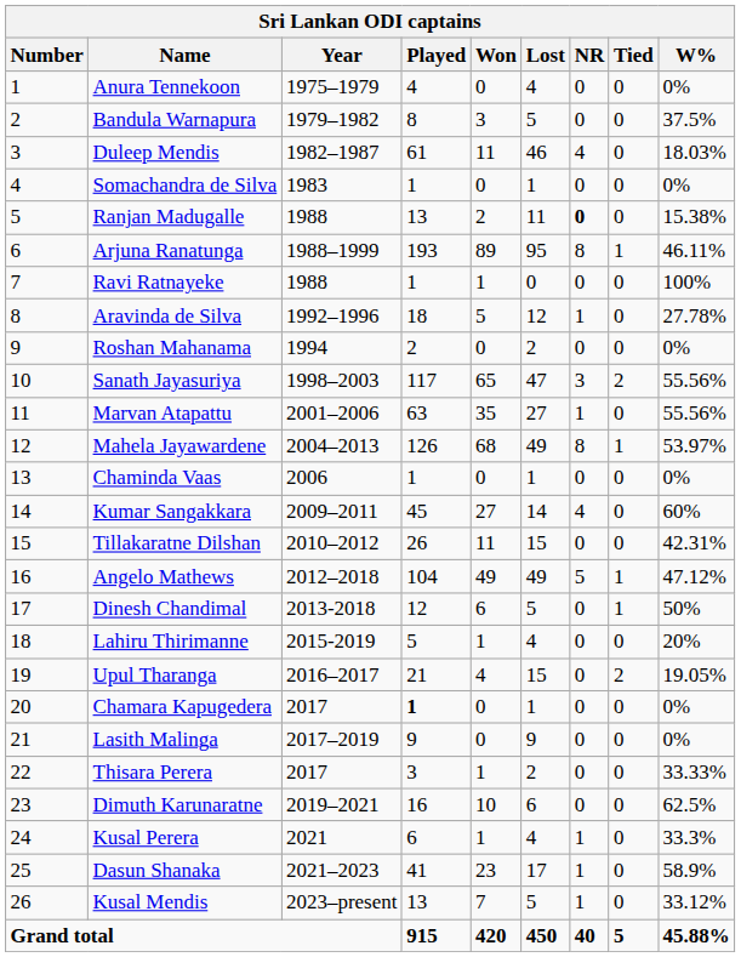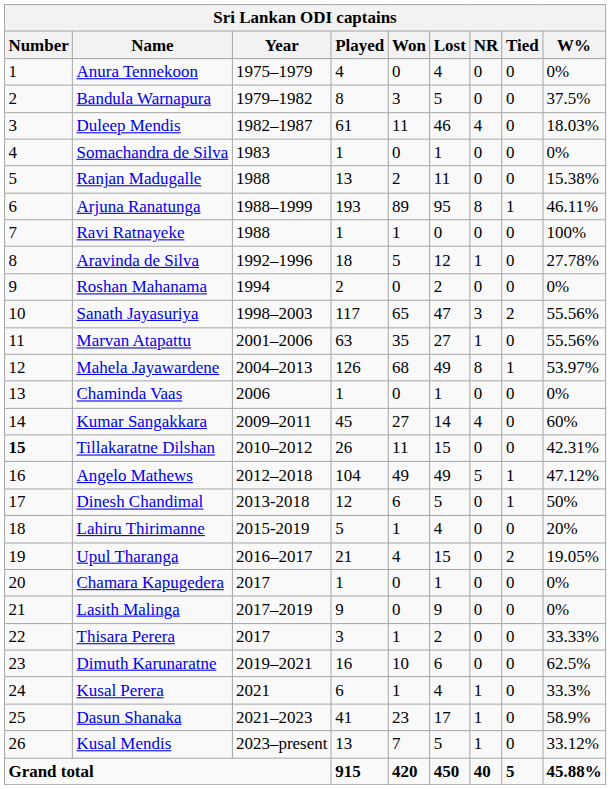 <table class="wikitable">
 <tr>
 <th colspan="9" bgcolor="#efefef">Sri Lankan ODI captains</th>
 </tr>
 <tr bgcolor="#efefef">
 <th>Number</th>
 <th>Name</th>
 <th>Year</th>
 <th>Played</th>
 <th>Won</th>
 <th>Lost</th>
 <th>NR</th>
 <th>Tied</th>
 <th>W%</th>
 </tr>
 <tr>
 <td>1</td>
 <td><a href='#'>Anura Tennekoon</a></td>
 <td>1975–1979</td>
 <td>4</td>
 <td>0</td>
 <td>4</td>
 <td>0</td>
 <td>0</td>
 <td>0%</td>
 </tr>
 <tr>
 <td>2</td>
 <td><a href='#'>Bandula Warnapura</a></td>
 <td>1979–1982</td>
 <td>8</td>
 <td>3</td>
 <td>5</td>
 <td>0</td>
 <td>0</td>
 <td>37.5%</td>
 </tr>
 <tr>
 <td>3</td>
 <td><a href='#'>Duleep Mendis</a></td>
 <td>1982–1987</td>
 <td>61</td>
 <td>11</td>
 <td>46</td>
 <td>4</td>
 <td>0</td>
 <td>18.03%</td>
 </tr>
 <tr>
 <td>4</td>
 <td><a href='#'>Somachandra de Silva</a></td>
 <td>1983</td>
 <td>1</td>
 <td>0</td>
 <td>1</td>
 <td>0</td>
 <td>0</td>
 <td>0%</td>
 </tr>
 <tr>
 <td>5</td>
 <td><a href='#'>Ranjan Madugalle</a></td>
 <td>1988</td>
 <td>13</td>
 <td>2</td>
 <td>11</td>
-<td><strong>0</strong></td>
+<td>0</td>
 <td>0</td>
 <td>15.38%</td>
 </tr>
 <tr>
 <td>6</td>
 <td><a href='#'>Arjuna Ranatunga</a></td>
 <td>1988–1999</td>
 <td>193</td>
 <td>89</td>
 <td>95</td>
 <td>8</td>
 <td>1</td>
 <td>46.11%</td>
 </tr>
 <tr>
 <td>7</td>
 <td><a href='#'>Ravi Ratnayeke</a></td>
 <td>1988</td>
 <td>1</td>
 <td>1</td>
 <td>0</td>
 <td>0</td>
 <td>0</td>
 <td>100%</td>
 </tr>
 <tr>
 <td>8</td>
 <td><a href='#'>Aravinda de Silva</a></td>
 <td>1992–1996</td>
 <td>18</td>
 <td>5</td>
 <td>12</td>
 <td>1</td>
 <td>0</td>
 <td>27.78%</td>
 </tr>
 <tr>
 <td>9</td>
 <td><a href='#'>Roshan Mahanama</a></td>
 <td>1994</td>
 <td>2</td>
 <td>0</td>
 <td>2</td>
 <td>0</td>
 <td>0</td>
 <td>0%</td>
 </tr>
 <tr>
 <td>10</td>
 <td><a href='#'>Sanath Jayasuriya</a></td>
 <td>1998–2003</td>
 <td>117</td>
 <td>65</td>
 <td>47</td>
 <td>3</td>
 <td>2</td>
 <td>55.56%</td>
 </tr>
 <tr>
 <td>11</td>
 <td><a href='#'>Marvan Atapattu</a></td>
 <td>2001–2006</td>
 <td>63</td>
 <td>35</td>
 <td>27</td>
 <td>1</td>
 <td>0</td>
 <td>55.56%</td>
 </tr>
 <tr>
 <td>12</td>
 <td><a href='#'>Mahela Jayawardene</a></td>
 <td>2004–2013</td>
 <td>126</td>
 <td>68</td>
 <td>49</td>
 <td>8</td>
 <td>1</td>
 <td>53.97%</td>
 </tr>
 <tr>
 <td>13</td>
 <td><a href='#'>Chaminda Vaas</a></td>
 <td>2006</td>
 <td>1</td>
 <td>0</td>
 <td>1</td>
 <td>0</td>
 <td>0</td>
 <td>0%</td>
 </tr>
 <tr>
 <td>14</td>
 <td><a href='#'>Kumar Sangakkara</a></td>
 <td>2009–2011</td>
 <td>45</td>
 <td>27</td>
 <td>14</td>
 <td>4</td>
 <td>0</td>
 <td>60%</td>
 </tr>
 <tr>
-<td>15</td>
+<td><strong>15</strong></td>
 <td><a href='#'>Tillakaratne Dilshan</a></td>
 <td>2010–2012</td>
 <td>26</td>
 <td>11</td>
 <td>15</td>
 <td>0</td>
 <td>0</td>
 <td>42.31%</td>
 </tr>
 <tr>
 <td>16</td>
 <td><a href='#'>Angelo Mathews</a></td>
 <td>2012–2018</td>
 <td>104</td>
 <td>49</td>
 <td>49</td>
 <td>5</td>
 <td>1</td>
 <td>47.12%</td>
 </tr>
 <tr>
 <td>17</td>
 <td><a href='#'>Dinesh Chandimal</a></td>
 <td>2013-2018</td>
 <td>12</td>
 <td>6</td>
 <td>5</td>
 <td>0</td>
 <td>1</td>
 <td>50%</td>
 </tr>
 <tr>
 <td>18</td>
 <td><a href='#'>Lahiru Thirimanne</a></td>
 <td>2015-2019</td>
 <td>5</td>
 <td>1</td>
 <td>4</td>
 <td>0</td>
 <td>0</td>
 <td>20%</td>
 </tr>
 <tr>
 <td>19</td>
 <td><a href='#'>Upul Tharanga</a></td>
 <td>2016–2017</td>
 <td>21</td>
 <td>4</td>
 <td>15</td>
 <td>0</td>
 <td>2</td>
 <td>19.05%</td>
 </tr>
 <tr>
 <td>20</td>
 <td><a href='#'>Chamara Kapugedera</a></td>
 <td>2017</td>
-<td><strong>1</strong></td>
+<td>1</td>
 <td>0</td>
 <td>1</td>
 <td>0</td>
 <td>0</td>
 <td>0%</td>
 </tr>
 <tr>
 <td>21</td>
 <td><a href='#'>Lasith Malinga</a></td>
 <td>2017–2019</td>
 <td>9</td>
 <td>0</td>
 <td>9</td>
 <td>0</td>
 <td>0</td>
 <td>0%</td>
 </tr>
 <tr>
 <td>22</td>
 <td><a href='#'>Thisara Perera</a></td>
 <td>2017</td>
 <td>3</td>
 <td>1</td>
 <td>2</td>
 <td>0</td>
 <td>0</td>
 <td>33.33%</td>
 </tr>
 <tr>
 <td>23</td>
 <td><a href='#'>Dimuth Karunaratne</a></td>
 <td>2019–2021</td>
 <td>16</td>
 <td>10</td>
 <td>6</td>
 <td>0</td>
 <td>0</td>
 <td>62.5%</td>
 </tr>
 <tr>
 <td>24</td>
 <td><a href='#'>Kusal Perera</a></td>
 <td>2021</td>
 <td>6</td>
 <td>1</td>
 <td>4</td>
 <td>1</td>
 <td>0</td>
 <td>33.3%</td>
 </tr>
 <tr>
 <td>25</td>
 <td><a href='#'>Dasun Shanaka</a></td>
 <td>2021–2023</td>
 <td>41</td>
 <td>23</td>
 <td>17</td>
 <td>1</td>
 <td>0</td>
 <td>58.9%</td>
 </tr>
 <tr>
 <td>26</td>
 <td><a href='#'>Kusal Mendis</a></td>
 <td>2023–present</td>
 <td>13</td>
 <td>7</td>
 <td>5</td>
 <td>1</td>
 <td>0</td>
 <td>33.12%</td>
 </tr>
 <tr>
 <td colspan=3><strong>Grand total</strong></td>
 <td><strong>915</strong></td>
 <td><strong>420</strong></td>
 <td><strong>450</strong></td>
 <td><strong>40</strong></td>
 <td><strong>5</strong></td>
 <td><strong>45.88%</strong></td>
 </tr>
 </table>
